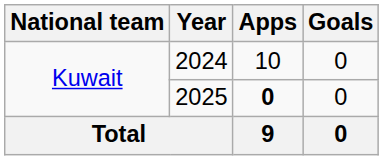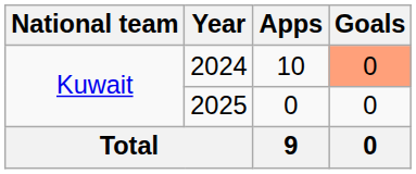 <table class="wikitable" style="text-align:center">
 <tr>
 <th>National team</th>
 <th>Year</th>
 <th>Apps</th>
 <th>Goals</th>
 </tr>
 <tr>
 <td rowspan="2"><a href='#'>Kuwait</a></td>
 <td>2024</td>
 <td>10</td>
-<td>0</td>
+<td style="background: lightsalmon;">0</td>
 </tr>
 <tr>
 <td>2025</td>
-<td><strong>0</strong></td>
+<td>0</td>
 <td>0</td>
 </tr>
 <tr>
 <th colspan="2">Total</th>
 <th>9</th>
 <th>0</th>
 </tr>
 </table>
